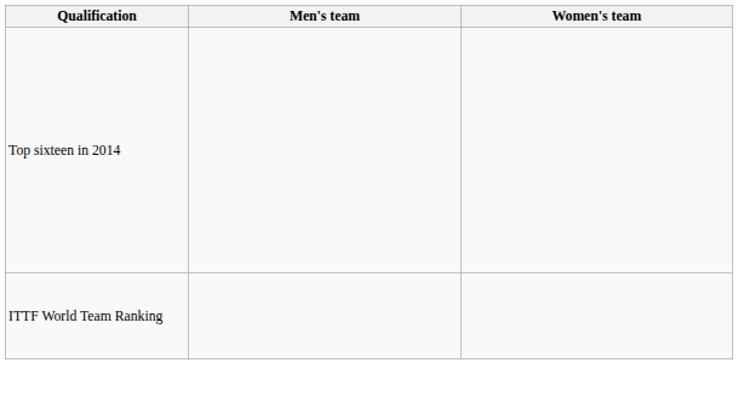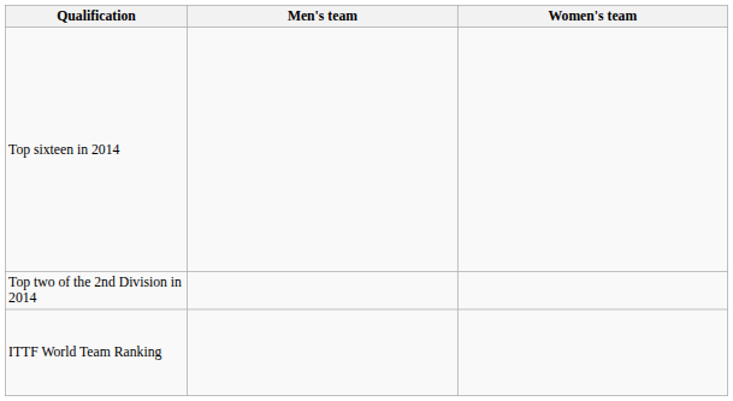 <table class="wikitable">
 <tr>
 <th width=200>Qualification</th>
 <th width=300>Men's team</th>
 <th width=300>Women's team</th>
 </tr>
 <tr>
 <td>Top sixteen in 2014</td>
 <td><br> <br><br><br><br><br><br><br>  <br><br><br><br><br><br><br> </td>
 <td><br> <br><br><br><br><br><br><br>  <br><br><br><br><br><br><br> </td>
 </tr>
 <tr>
+<td>Top two of the 2nd Division in 2014</td>
+<td><br></td>
+<td><br></td>
+</tr>
+<tr>
 <td>ITTF World Team Ranking</td>
 <td><br><br><br><br><br></td>
 <td><br><br><br><br><br></td>
 </tr>
 </table>
